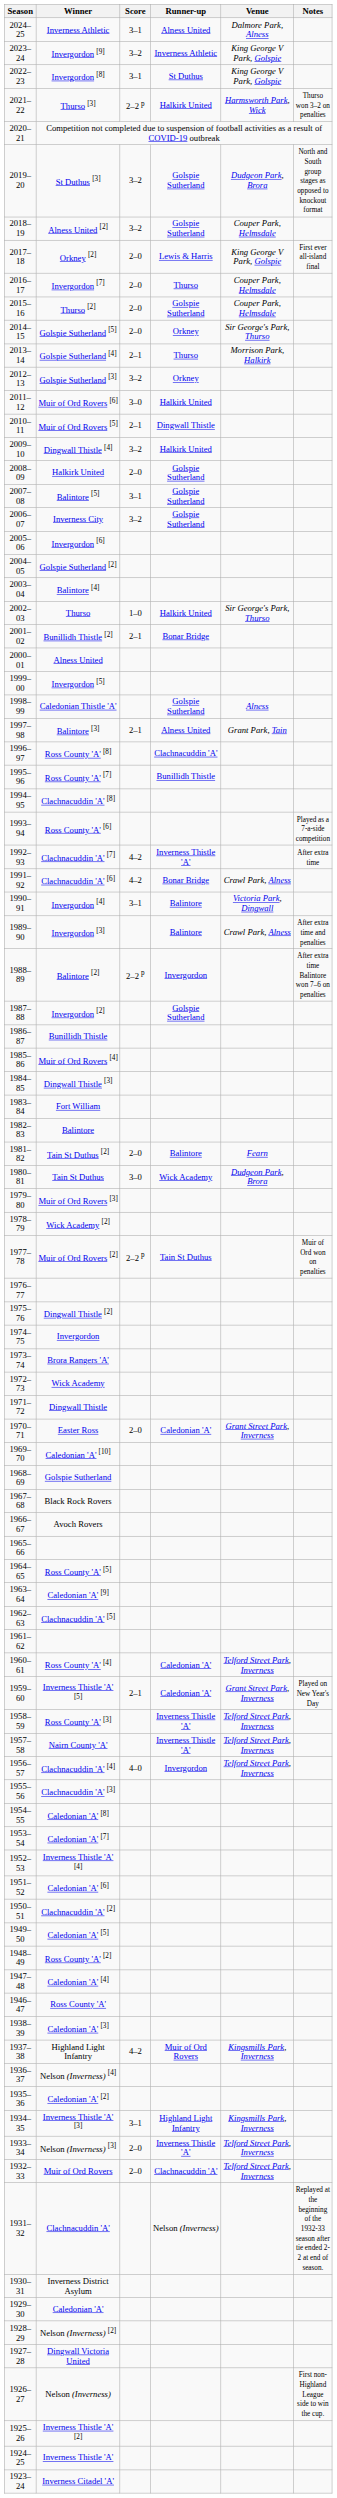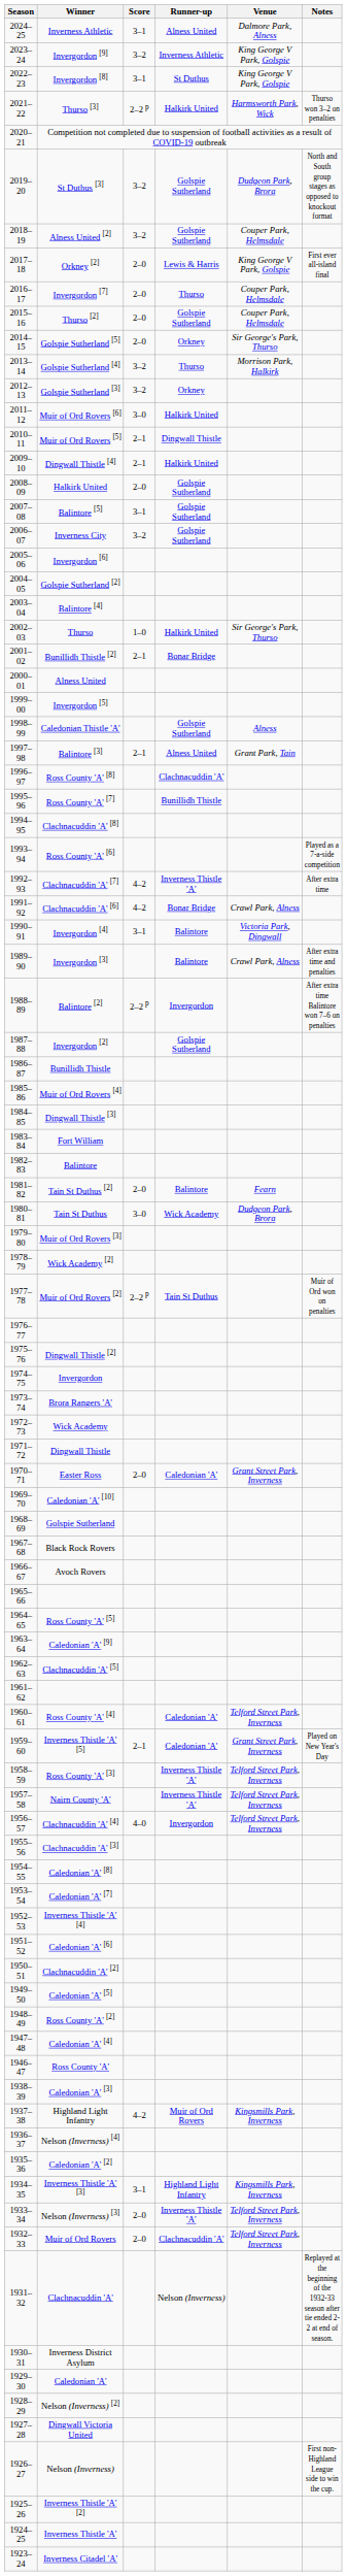 <table class="wikitable" style="text-align: center;">
 <tr>
 <th width="60">Season</th>
 <th width="240">Winner</th>
 <th width="70">Score</th>
 <th width="170">Runner-up</th>
 <th width="210">Venue</th>
 <th>Notes</th>
 </tr>
 <tr>
 <td>2024–25</td>
 <td><a href='#'>Inverness Athletic</a></td>
 <td>3–1</td>
 <td><a href='#'>Alness United</a></td>
 <td><em>Dalmore Park, <a href='#'>Alness</a></em></td>
 <td></td>
 </tr>
 <tr>
 <td>2023–24</td>
 <td><a href='#'>Invergordon</a> <sup>[9]</sup></td>
 <td>3–2</td>
 <td><a href='#'>Inverness Athletic</a></td>
 <td><em>King George V Park, <a href='#'>Golspie</a></em></td>
 <td></td>
 </tr>
 <tr>
 <td>2022–23</td>
 <td><a href='#'>Invergordon</a> <sup>[8]</sup></td>
 <td>3–1</td>
 <td><a href='#'>St Duthus</a></td>
 <td><em>King George V Park, <a href='#'>Golspie</a></em></td>
 <td></td>
 </tr>
 <tr>
 <td>2021–22</td>
 <td><a href='#'>Thurso</a> <sup>[3]</sup></td>
 <td>2–2 <sup>p</sup></td>
 <td><a href='#'>Halkirk United</a></td>
 <td><em><a href='#'>Harmsworth Park</a>, <a href='#'>Wick</a></em></td>
 <td><small>Thurso won 3–2 on penalties</small></td>
 </tr>
 <tr>
 <td>2020–21</td>
 <td colspan="5">Competition not completed due to suspension of football activities as a result of <a href='#'>COVID-19</a> outbreak</td>
 </tr>
 <tr>
 <td>2019–20</td>
 <td><a href='#'>St Duthus</a> <sup>[3]</sup></td>
 <td>3–2</td>
 <td><a href='#'>Golspie Sutherland</a></td>
 <td><em><a href='#'>Dudgeon Park</a>, <a href='#'>Brora</a></em></td>
 <td><small>North and South group stages as opposed to knockout format</small></td>
 </tr>
 <tr>
 <td>2018–19</td>
 <td><a href='#'>Alness United</a> <sup>[2]</sup></td>
 <td>3–2</td>
 <td><a href='#'>Golspie Sutherland</a></td>
 <td><em>Couper Park, <a href='#'>Helmsdale</a></em></td>
 <td></td>
 </tr>
 <tr>
 <td>2017–18</td>
 <td><a href='#'>Orkney</a> <sup>[2]</sup></td>
 <td>2–0</td>
 <td><a href='#'>Lewis & Harris</a></td>
 <td><em>King George V Park, <a href='#'>Golspie</a></em></td>
 <td><small>First ever all-island final</small></td>
 </tr>
 <tr>
 <td>2016–17</td>
 <td><a href='#'>Invergordon</a> <sup>[7]</sup></td>
 <td>2–0</td>
 <td><a href='#'>Thurso</a></td>
 <td><em>Couper Park, <a href='#'>Helmsdale</a></em></td>
 <td></td>
 </tr>
 <tr>
 <td>2015–16</td>
 <td><a href='#'>Thurso</a> <sup>[2]</sup></td>
 <td>2–0</td>
 <td><a href='#'>Golspie Sutherland</a></td>
 <td><em>Couper Park, <a href='#'>Helmsdale</a></em></td>
 <td></td>
 </tr>
 <tr>
 <td>2014–15</td>
 <td><a href='#'>Golspie Sutherland</a> <sup>[5]</sup></td>
 <td>2–0</td>
 <td><a href='#'>Orkney</a></td>
 <td><em>Sir George's Park, <a href='#'>Thurso</a></em></td>
 <td></td>
 </tr>
 <tr>
 <td>2013–14</td>
 <td><a href='#'>Golspie Sutherland</a> <sup>[4]</sup></td>
-<td>2–1</td>
+<td>3–2</td>
 <td><a href='#'>Thurso</a></td>
 <td><em>Morrison Park, <a href='#'>Halkirk</a></em></td>
 <td></td>
 </tr>
 <tr>
 <td>2012–13</td>
 <td><a href='#'>Golspie Sutherland</a> <sup>[3]</sup></td>
 <td>3–2</td>
 <td><a href='#'>Orkney</a></td>
 <td></td>
 <td></td>
 </tr>
 <tr>
 <td>2011–12</td>
 <td><a href='#'>Muir of Ord Rovers</a> <sup>[6]</sup></td>
 <td>3–0</td>
 <td><a href='#'>Halkirk United</a></td>
 <td></td>
 <td></td>
 </tr>
 <tr>
 <td>2010–11</td>
 <td><a href='#'>Muir of Ord Rovers</a> <sup>[5]</sup></td>
 <td>2–1</td>
 <td><a href='#'>Dingwall Thistle</a></td>
 <td></td>
 <td></td>
 </tr>
 <tr>
 <td>2009–10</td>
 <td><a href='#'>Dingwall Thistle</a> <sup>[4]</sup></td>
-<td>3–2</td>
+<td>2–1</td>
 <td><a href='#'>Halkirk United</a></td>
 <td></td>
 <td></td>
 </tr>
 <tr>
 <td>2008–09</td>
 <td><a href='#'>Halkirk United</a></td>
 <td>2–0</td>
 <td><a href='#'>Golspie Sutherland</a></td>
 <td></td>
 <td></td>
 </tr>
 <tr>
 <td>2007–08</td>
 <td><a href='#'>Balintore</a> <sup>[5]</sup></td>
 <td>3–1</td>
 <td><a href='#'>Golspie Sutherland</a></td>
 <td></td>
 <td></td>
 </tr>
 <tr>
 <td>2006–07</td>
 <td><a href='#'>Inverness City</a></td>
 <td>3–2</td>
 <td><a href='#'>Golspie Sutherland</a></td>
 <td></td>
 <td></td>
 </tr>
 <tr>
 <td>2005–06</td>
 <td><a href='#'>Invergordon</a> <sup>[6]</sup></td>
 <td></td>
 <td></td>
 <td></td>
 <td></td>
 </tr>
 <tr>
 <td>2004–05</td>
 <td><a href='#'>Golspie Sutherland</a> <sup>[2]</sup></td>
 <td></td>
 <td></td>
 <td></td>
 <td></td>
 </tr>
 <tr>
 <td>2003–04</td>
 <td><a href='#'>Balintore</a> <sup>[4]</sup></td>
 <td></td>
 <td></td>
 <td></td>
 <td></td>
 </tr>
 <tr>
 <td>2002–03</td>
 <td><a href='#'>Thurso</a></td>
 <td>1–0</td>
 <td><a href='#'>Halkirk United</a></td>
 <td><em>Sir George's Park, <a href='#'>Thurso</a></em></td>
 <td></td>
 </tr>
 <tr>
 <td>2001–02</td>
 <td><a href='#'>Bunillidh Thistle</a> <sup>[2]</sup></td>
 <td>2–1</td>
 <td><a href='#'>Bonar Bridge</a></td>
 <td></td>
 <td></td>
 </tr>
 <tr>
 <td>2000–01</td>
 <td><a href='#'>Alness United</a></td>
 <td></td>
 <td></td>
 <td></td>
 <td></td>
 </tr>
 <tr>
 <td>1999–00</td>
 <td><a href='#'>Invergordon</a> <sup>[5]</sup></td>
 <td></td>
 <td></td>
 <td></td>
 <td></td>
 </tr>
 <tr>
 <td>1998–99</td>
 <td><a href='#'>Caledonian Thistle 'A'</a></td>
 <td></td>
 <td><a href='#'>Golspie Sutherland</a></td>
 <td><em><a href='#'>Alness</a></em></td>
 <td></td>
 </tr>
 <tr>
 <td>1997–98</td>
 <td><a href='#'>Balintore</a> <sup>[3]</sup></td>
 <td>2–1</td>
 <td><a href='#'>Alness United</a></td>
 <td><em>Grant Park, <a href='#'>Tain</a></em></td>
 <td></td>
 </tr>
 <tr>
 <td>1996–97</td>
 <td><a href='#'>Ross County 'A'</a> <sup>[8]</sup></td>
 <td></td>
 <td><a href='#'>Clachnacuddin 'A'</a></td>
 <td></td>
 <td></td>
 </tr>
 <tr>
 <td>1995–96</td>
 <td><a href='#'>Ross County 'A'</a> <sup>[7]</sup></td>
 <td></td>
 <td><a href='#'>Bunillidh Thistle</a></td>
 <td></td>
 <td></td>
 </tr>
 <tr>
 <td>1994–95</td>
 <td><a href='#'>Clachnacuddin 'A'</a> <sup>[8]</sup></td>
 <td></td>
 <td></td>
 <td></td>
 <td></td>
 </tr>
 <tr>
 <td>1993–94</td>
 <td><a href='#'>Ross County 'A'</a> <sup>[6]</sup></td>
 <td></td>
 <td></td>
 <td></td>
 <td><small>Played as a 7-a-side competition</small></td>
 </tr>
 <tr>
 <td>1992–93</td>
 <td><a href='#'>Clachnacuddin 'A'</a> <sup>[7]</sup></td>
 <td>4–2</td>
 <td><a href='#'>Inverness Thistle 'A'</a></td>
 <td></td>
 <td><small>After extra time</small></td>
 </tr>
 <tr>
 <td>1991–92</td>
 <td><a href='#'>Clachnacuddin 'A'</a> <sup>[6]</sup></td>
 <td>4–2</td>
 <td><a href='#'>Bonar Bridge</a></td>
 <td><em>Crawl Park, <a href='#'>Alness</a></em></td>
 <td></td>
 </tr>
 <tr>
 <td>1990–91</td>
 <td><a href='#'>Invergordon</a> <sup>[4]</sup></td>
 <td>3–1</td>
 <td><a href='#'>Balintore</a></td>
 <td><em><a href='#'>Victoria Park</a>, <a href='#'>Dingwall</a></em></td>
 <td></td>
 </tr>
 <tr>
 <td>1989–90</td>
 <td><a href='#'>Invergordon</a> <sup>[3]</sup></td>
 <td></td>
 <td><a href='#'>Balintore</a></td>
 <td><em>Crawl Park, <a href='#'>Alness</a></em></td>
 <td><small>After extra time and penalties</small></td>
 </tr>
 <tr>
 <td>1988–89</td>
 <td><a href='#'>Balintore</a> <sup>[2]</sup></td>
 <td>2–2 <sup>p</sup></td>
 <td><a href='#'>Invergordon</a></td>
 <td></td>
 <td><small>After extra time Balintore won 7–6 on penalties</small></td>
 </tr>
 <tr>
 <td>1987–88</td>
 <td><a href='#'>Invergordon</a> <sup>[2]</sup></td>
 <td></td>
 <td><a href='#'>Golspie Sutherland</a></td>
 <td></td>
 <td></td>
 </tr>
 <tr>
 <td>1986–87</td>
 <td><a href='#'>Bunillidh Thistle</a></td>
 <td></td>
 <td></td>
 <td></td>
 <td></td>
 </tr>
 <tr>
 <td>1985–86</td>
 <td><a href='#'>Muir of Ord Rovers</a> <sup>[4]</sup></td>
 <td></td>
 <td></td>
 <td></td>
 <td></td>
 </tr>
 <tr>
 <td>1984–85</td>
 <td><a href='#'>Dingwall Thistle</a> <sup>[3]</sup></td>
 <td></td>
 <td></td>
 <td></td>
 <td></td>
 </tr>
 <tr>
 <td>1983–84</td>
 <td><a href='#'>Fort William</a></td>
 <td></td>
 <td></td>
 <td></td>
 <td></td>
 </tr>
 <tr>
 <td>1982–83</td>
 <td><a href='#'>Balintore</a></td>
 <td></td>
 <td></td>
 <td></td>
 <td></td>
 </tr>
 <tr>
 <td>1981–82</td>
 <td><a href='#'>Tain St Duthus</a> <sup>[2]</sup></td>
 <td>2–0</td>
 <td><a href='#'>Balintore</a></td>
 <td><em><a href='#'>Fearn</a></em></td>
 <td></td>
 </tr>
 <tr>
 <td>1980–81</td>
 <td><a href='#'>Tain St Duthus</a></td>
 <td>3–0</td>
 <td><a href='#'>Wick Academy</a></td>
 <td><em><a href='#'>Dudgeon Park</a>, <a href='#'>Brora</a></em></td>
 <td></td>
 </tr>
 <tr>
 <td>1979–80</td>
 <td><a href='#'>Muir of Ord Rovers</a> <sup>[3]</sup></td>
 <td></td>
 <td></td>
 <td></td>
 <td></td>
 </tr>
 <tr>
 <td>1978–79</td>
 <td><a href='#'>Wick Academy</a> <sup>[2]</sup></td>
 <td></td>
 <td></td>
 <td></td>
 <td></td>
 </tr>
 <tr>
 <td>1977–78</td>
 <td><a href='#'>Muir of Ord Rovers</a> <sup>[2]</sup></td>
 <td>2–2 <sup>p</sup></td>
 <td><a href='#'>Tain St Duthus</a></td>
 <td></td>
 <td><small>Muir of Ord won on penalties</small></td>
 </tr>
 <tr>
 <td>1976–77</td>
 <td></td>
 <td></td>
 <td></td>
 <td></td>
 <td></td>
 </tr>
 <tr>
 <td>1975–76</td>
 <td><a href='#'>Dingwall Thistle</a> <sup>[2]</sup></td>
 <td></td>
 <td></td>
 <td></td>
 <td></td>
 </tr>
 <tr>
 <td>1974–75</td>
 <td><a href='#'>Invergordon</a></td>
 <td></td>
 <td></td>
 <td></td>
 <td></td>
 </tr>
 <tr>
 <td>1973–74</td>
 <td><a href='#'>Brora Rangers 'A'</a></td>
 <td></td>
 <td></td>
 <td></td>
 <td></td>
 </tr>
 <tr>
 <td>1972–73</td>
 <td><a href='#'>Wick Academy</a></td>
 <td></td>
 <td></td>
 <td></td>
 <td></td>
 </tr>
 <tr>
 <td>1971–72</td>
 <td><a href='#'>Dingwall Thistle</a></td>
 <td></td>
 <td></td>
 <td></td>
 <td></td>
 </tr>
 <tr>
 <td>1970–71</td>
 <td><a href='#'>Easter Ross</a></td>
 <td>2–0</td>
 <td><a href='#'>Caledonian 'A'</a></td>
 <td><em><a href='#'>Grant Street Park</a>, <a href='#'>Inverness</a></em></td>
 <td></td>
 </tr>
 <tr>
 <td>1969–70</td>
 <td><a href='#'>Caledonian 'A'</a> <sup>[10]</sup></td>
 <td></td>
 <td></td>
 <td></td>
 <td></td>
 </tr>
 <tr>
 <td>1968–69</td>
 <td><a href='#'>Golspie Sutherland</a></td>
 <td></td>
 <td></td>
 <td></td>
 <td></td>
 </tr>
 <tr>
 <td>1967–68</td>
 <td>Black Rock Rovers</td>
 <td></td>
 <td></td>
 <td></td>
 <td></td>
 </tr>
 <tr>
 <td>1966–67</td>
 <td>Avoch Rovers</td>
 <td></td>
 <td></td>
 <td></td>
 <td></td>
 </tr>
 <tr>
 <td>1965–66</td>
 <td></td>
 <td></td>
 <td></td>
 <td></td>
 <td></td>
 </tr>
 <tr>
 <td>1964–65</td>
 <td><a href='#'>Ross County 'A'</a> <sup>[5]</sup></td>
 <td></td>
 <td></td>
 <td></td>
 <td></td>
 </tr>
 <tr>
 <td>1963–64</td>
 <td><a href='#'>Caledonian 'A'</a> <sup>[9]</sup></td>
 <td></td>
 <td></td>
 <td></td>
 <td></td>
 </tr>
 <tr>
 <td>1962–63</td>
 <td><a href='#'>Clachnacuddin 'A'</a> <sup>[5]</sup></td>
 <td></td>
 <td></td>
 <td></td>
 <td></td>
 </tr>
 <tr>
 <td>1961–62</td>
 <td></td>
 <td></td>
 <td></td>
 <td></td>
 <td></td>
 </tr>
 <tr>
 <td>1960–61</td>
 <td><a href='#'>Ross County 'A'</a> <sup>[4]</sup></td>
 <td></td>
 <td><a href='#'>Caledonian 'A'</a></td>
 <td><em><a href='#'>Telford Street Park</a>, <a href='#'>Inverness</a></em></td>
 <td></td>
 </tr>
 <tr>
 <td>1959–60</td>
 <td><a href='#'>Inverness Thistle 'A'</a> <sup>[5]</sup></td>
 <td>2–1</td>
 <td><a href='#'>Caledonian 'A'</a></td>
 <td><em><a href='#'>Grant Street Park</a>, <a href='#'>Inverness</a></em></td>
 <td><small>Played on New Year's Day</small></td>
 </tr>
 <tr>
 <td>1958–59</td>
 <td><a href='#'>Ross County 'A'</a> <sup>[3]</sup></td>
 <td></td>
 <td><a href='#'>Inverness Thistle 'A'</a></td>
 <td><em><a href='#'>Telford Street Park</a>, <a href='#'>Inverness</a></em></td>
 <td></td>
 </tr>
 <tr>
 <td>1957–58</td>
 <td><a href='#'>Nairn County 'A'</a></td>
 <td></td>
 <td><a href='#'>Inverness Thistle 'A'</a></td>
 <td><em><a href='#'>Telford Street Park</a>, <a href='#'>Inverness</a></em></td>
 <td></td>
 </tr>
 <tr>
 <td>1956–57</td>
 <td><a href='#'>Clachnacuddin 'A'</a> <sup>[4]</sup></td>
 <td>4–0</td>
 <td><a href='#'>Invergordon</a></td>
 <td><em><a href='#'>Telford Street Park</a>, <a href='#'>Inverness</a></em></td>
 <td></td>
 </tr>
 <tr>
 <td>1955–56</td>
 <td><a href='#'>Clachnacuddin 'A'</a> <sup>[3]</sup></td>
 <td></td>
 <td></td>
 <td></td>
 <td></td>
 </tr>
 <tr>
 <td>1954–55</td>
 <td><a href='#'>Caledonian 'A'</a> <sup>[8]</sup></td>
 <td></td>
 <td></td>
 <td></td>
 <td></td>
 </tr>
 <tr>
 <td>1953–54</td>
 <td><a href='#'>Caledonian 'A'</a> <sup>[7]</sup></td>
 <td></td>
 <td></td>
 <td></td>
 <td></td>
 </tr>
 <tr>
 <td>1952–53</td>
 <td><a href='#'>Inverness Thistle 'A'</a> <sup>[4]</sup></td>
 <td></td>
 <td></td>
 <td></td>
 <td></td>
 </tr>
 <tr>
 <td>1951–52</td>
 <td><a href='#'>Caledonian 'A'</a> <sup>[6]</sup></td>
 <td></td>
 <td></td>
 <td></td>
 <td></td>
 </tr>
 <tr>
 <td>1950–51</td>
 <td><a href='#'>Clachnacuddin 'A'</a> <sup>[2]</sup></td>
 <td></td>
 <td></td>
 <td></td>
 <td></td>
 </tr>
 <tr>
 <td>1949–50</td>
 <td><a href='#'>Caledonian 'A'</a> <sup>[5]</sup></td>
 <td></td>
 <td></td>
 <td></td>
 <td></td>
 </tr>
 <tr>
 <td>1948–49</td>
 <td><a href='#'>Ross County 'A'</a> <sup>[2]</sup></td>
 <td></td>
 <td></td>
 <td></td>
 <td></td>
 </tr>
 <tr>
 <td>1947–48</td>
 <td><a href='#'>Caledonian 'A'</a> <sup>[4]</sup></td>
 <td></td>
 <td></td>
 <td></td>
 <td></td>
 </tr>
 <tr>
 <td>1946–47</td>
 <td><a href='#'>Ross County 'A'</a></td>
 <td></td>
 <td></td>
 <td></td>
 <td></td>
 </tr>
 <tr>
 <td>1938–39</td>
 <td><a href='#'>Caledonian 'A'</a> <sup>[3]</sup></td>
 <td></td>
 <td></td>
 <td></td>
 <td></td>
 </tr>
 <tr>
 <td>1937–38</td>
 <td>Highland Light Infantry</td>
 <td>4–2</td>
 <td><a href='#'>Muir of Ord Rovers</a></td>
 <td><em><a href='#'>Kingsmills Park</a>, <a href='#'>Inverness</a></em></td>
 <td></td>
 </tr>
 <tr>
 <td>1936–37</td>
 <td>Nelson <em>(Inverness)</em> <sup>[4]</sup></td>
 <td></td>
 <td></td>
 <td></td>
 <td></td>
 </tr>
 <tr>
 <td>1935–36</td>
 <td><a href='#'>Caledonian 'A'</a> <sup>[2]</sup></td>
 <td></td>
 <td></td>
 <td></td>
 <td></td>
 </tr>
 <tr>
 <td>1934–35</td>
 <td><a href='#'>Inverness Thistle 'A'</a> <sup>[3]</sup></td>
 <td>3–1</td>
 <td><a href='#'>Highland Light Infantry</a></td>
 <td><em><a href='#'>Kingsmills Park</a>, <a href='#'>Inverness</a></em></td>
 <td></td>
 </tr>
 <tr>
 <td>1933–34</td>
 <td>Nelson <em>(Inverness)</em> <sup>[3]</sup></td>
 <td>2–0</td>
 <td><a href='#'>Inverness Thistle 'A'</a></td>
 <td><em><a href='#'>Telford Street Park</a>, <a href='#'>Inverness</a></em></td>
 <td></td>
 </tr>
 <tr>
 <td>1932–33</td>
 <td><a href='#'>Muir of Ord Rovers</a></td>
 <td>2–0</td>
 <td><a href='#'>Clachnacuddin 'A'</a></td>
 <td><em><a href='#'>Telford Street Park</a>, <a href='#'>Inverness</a></em></td>
 <td></td>
 </tr>
 <tr>
 <td>1931–32</td>
 <td><a href='#'>Clachnacuddin 'A'</a></td>
 <td></td>
 <td>Nelson <em>(Inverness)</em></td>
 <td></td>
 <td><small>Replayed at the beginning of the 1932-33 season after tie ended 2-2 at end of season.</small></td>
 </tr>
 <tr>
 <td>1930–31</td>
 <td>Inverness District Asylum</td>
 <td></td>
 <td></td>
 <td></td>
 <td></td>
 </tr>
 <tr>
 <td>1929–30</td>
 <td><a href='#'>Caledonian 'A'</a></td>
 <td></td>
 <td></td>
 <td></td>
 <td></td>
 </tr>
 <tr>
 <td>1928–29</td>
 <td>Nelson <em>(Inverness)</em> <sup>[2]</sup></td>
 <td></td>
 <td></td>
 <td></td>
 <td></td>
 </tr>
 <tr>
 <td>1927–28</td>
 <td><a href='#'>Dingwall Victoria United</a></td>
 <td></td>
 <td></td>
 <td></td>
 <td></td>
 </tr>
 <tr>
 <td>1926–27</td>
 <td>Nelson <em>(Inverness)</em></td>
 <td></td>
 <td></td>
 <td></td>
 <td><small>First non-Highland League side to win the cup.</small></td>
 </tr>
 <tr>
 <td>1925–26</td>
 <td><a href='#'>Inverness Thistle 'A'</a> <sup>[2]</sup></td>
 <td></td>
 <td></td>
 <td></td>
 <td></td>
 </tr>
 <tr>
 <td>1924–25</td>
 <td><a href='#'>Inverness Thistle 'A'</a></td>
 <td></td>
 <td></td>
 <td></td>
 <td></td>
 </tr>
 <tr>
 <td>1923–24</td>
 <td><a href='#'>Inverness Citadel 'A'</a></td>
 <td></td>
 <td></td>
 <td></td>
 <td></td>
 </tr>
 </table>
